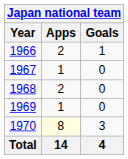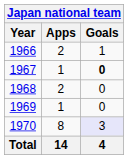 <table class="wikitable" style="text-align:center">
 <tr>
 <th colspan=3><a href='#'>Japan national team</a></th>
 </tr>
 <tr>
 <th>Year</th>
 <th>Apps</th>
 <th>Goals</th>
 </tr>
 <tr>
 <td><a href='#'>1966</a></td>
 <td>2</td>
 <td>1</td>
 </tr>
 <tr>
 <td><a href='#'>1967</a></td>
 <td>1</td>
-<td>0</td>
+<td><strong>0</strong></td>
 </tr>
 <tr>
 <td><a href='#'>1968</a></td>
 <td>2</td>
 <td>0</td>
 </tr>
 <tr>
 <td><a href='#'>1969</a></td>
 <td>1</td>
 <td>0</td>
 </tr>
 <tr>
 <td><a href='#'>1970</a></td>
-<td style="background: lightyellow;">8</td>
-<td>3</td>
+<td>8</td>
+<td style="background: lavender;">3</td>
 </tr>
 <tr>
 <th>Total</th>
 <th>14</th>
 <th>4</th>
 </tr>
 </table>
